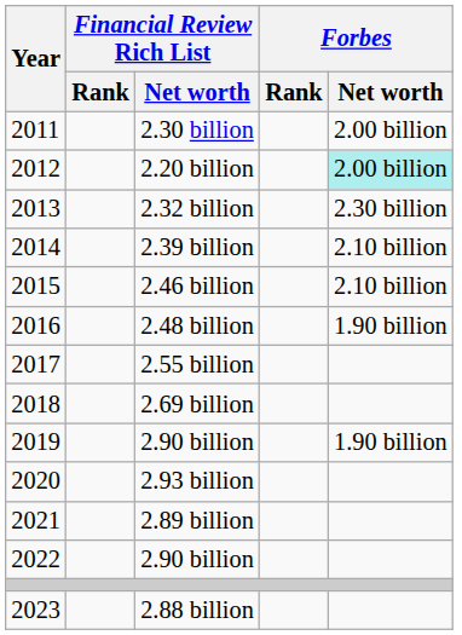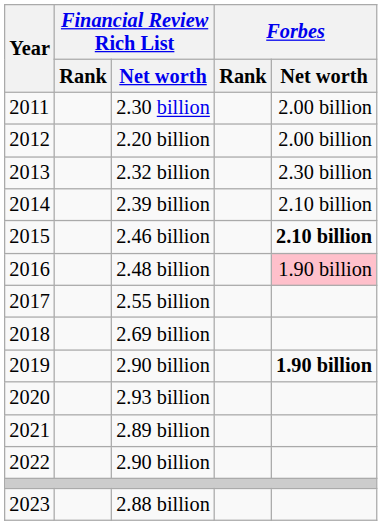 <table class="wikitable">
 <tr>
 <th rowspan=2>Year</th>
 <th colspan=2><em><a href='#'>Financial Review</a></em><br><a href='#'>Rich List</a></th>
 <th colspan=2><em><a href='#'>Forbes</a></em><br></th>
 </tr>
 <tr>
 <th>Rank</th>
 <th><a href='#'>Net worth</a><br></th>
 <th>Rank</th>
 <th>Net worth<br></th>
 </tr>
 <tr>
 <td>2011</td>
 <td align="center"> </td>
 <td align="right">2.30 <a href='#'>billion</a> </td>
 <td align="center"> </td>
 <td align="right">2.00 billion </td>
 </tr>
 <tr>
 <td>2012</td>
 <td align="center"> </td>
 <td align="right">2.20 billion </td>
 <td align="center"> </td>
-<td align="right" style="background: paleturquoise;">2.00 billion </td>
+<td align="right">2.00 billion </td>
 </tr>
 <tr>
 <td>2013</td>
 <td align="center"> </td>
 <td align="right">2.32 billion </td>
 <td align="center"> </td>
 <td align="right">2.30 billion </td>
 </tr>
 <tr>
 <td>2014</td>
 <td align="center"> </td>
 <td align="right">2.39 billion </td>
 <td align="center"> </td>
 <td align="right">2.10 billion </td>
 </tr>
 <tr>
 <td>2015</td>
 <td align="center"> </td>
 <td align="right">2.46 billion </td>
 <td align="center"> </td>
-<td align="right">2.10 billion </td>
+<td align="right"><strong>2.10 billion </strong></td>
 </tr>
 <tr>
 <td>2016</td>
 <td align="center"> </td>
 <td align="right">2.48 billion </td>
 <td align="center"> </td>
-<td align="right">1.90 billion </td>
+<td align="right" style="background: pink;">1.90 billion </td>
 </tr>
 <tr>
 <td>2017</td>
 <td align="center"> </td>
 <td align="right">2.55 billion </td>
 <td align="center"> </td>
 <td align="right"></td>
 </tr>
 <tr>
 <td>2018</td>
 <td align="center"> </td>
 <td align="right">2.69 billion </td>
 <td align="center"> </td>
 <td align="right"></td>
 </tr>
 <tr>
 <td>2019</td>
 <td align="center"> </td>
 <td align="right">2.90 billion </td>
 <td align="center"> </td>
-<td align="right">1.90 billion</td>
+<td align="right"><strong>1.90 billion</strong></td>
 </tr>
 <tr>
 <td>2020</td>
 <td align="center"> </td>
 <td align="right">2.93 billion </td>
 <td align="center"></td>
 <td align="right"></td>
 </tr>
 <tr>
 <td>2021</td>
 <td align="center"></td>
 <td align="right">2.89 billion </td>
 <td align="center"></td>
 <td align="right"></td>
 </tr>
 <tr>
 <td>2022</td>
 <td align="center"></td>
 <td align="right">2.90 billion </td>
 <td align="center"></td>
 <td align="right"></td>
 </tr>
 <tr>
 <th colspan=5 style="background: #cccccc;"></th>
 </tr>
 <tr>
 <td>2023</td>
 <td align="center"></td>
 <td align="right">2.88 billion </td>
 <td align="center"></td>
 <td align="right"></td>
 </tr>
 </table>
